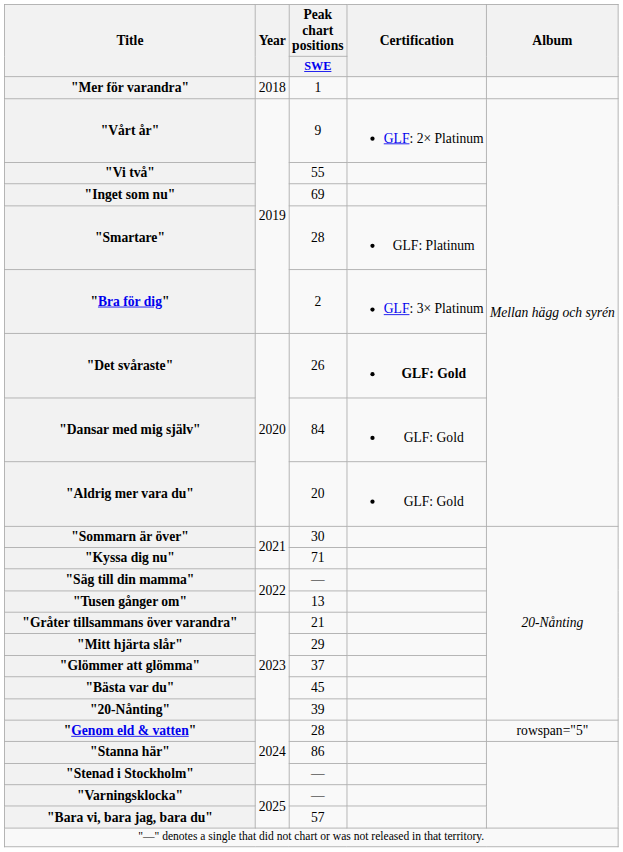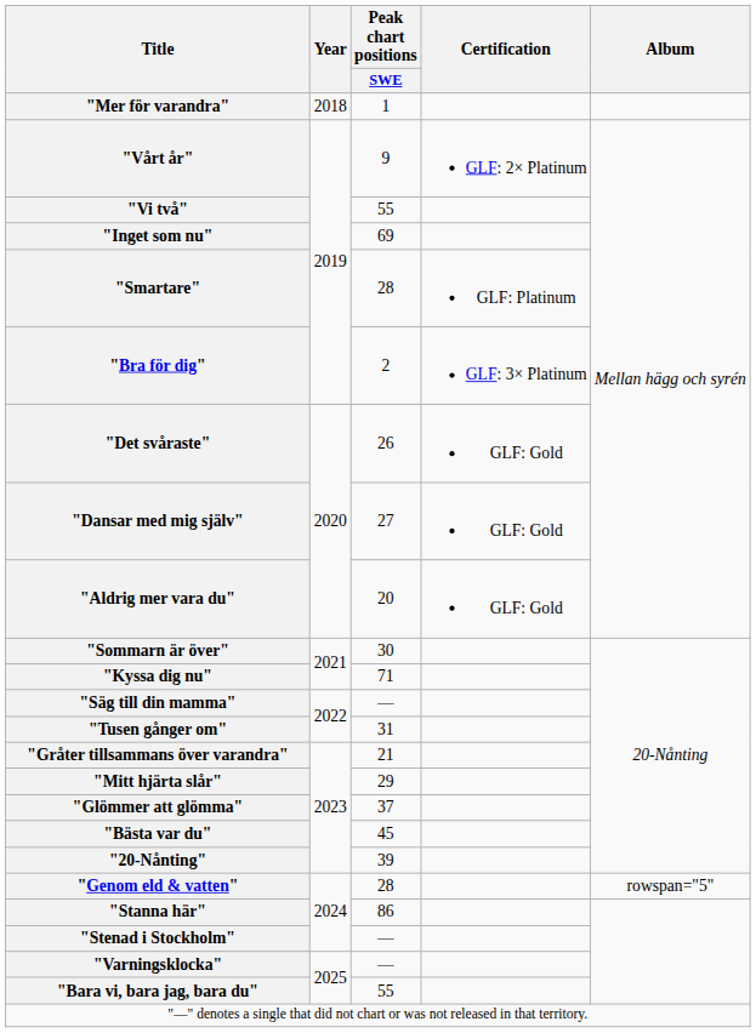 <table class="wikitable plainrowheaders" style="text-align:center;">
 <tr>
 <th scope="col" rowspan="2" style="width:18em;">Title</th>
 <th scope="col" rowspan="2">Year</th>
 <th scope="col" colspan="1">Peak chart positions</th>
 <th scope="col" rowspan="2">Certification</th>
 <th scope="col" rowspan="2">Album</th>
 </tr>
 <tr>
 <th scope="col" style="width:3em;font-size:90%;"><a href='#'>SWE</a><br></th>
 </tr>
 <tr>
 <th scope="row">"Mer för varandra"<br></th>
 <td>2018</td>
 <td>1<br></td>
 <td></td>
 <td></td>
 </tr>
 <tr>
 <th scope="row">"Vårt år"<br></th>
 <td rowspan="5">2019</td>
 <td>9<br></td>
 <td><br><ul><li><a href='#'>GLF</a>: 2× Platinum</li></ul></td>
 <td rowspan="8"><em>Mellan hägg och syrén</em></td>
 </tr>
 <tr>
 <th scope="row">"Vi två"</th>
 <td>55<br></td>
 <td></td>
 </tr>
 <tr>
 <th scope="row">"Inget som nu"</th>
 <td>69<br></td>
 <td></td>
 </tr>
 <tr>
 <th scope="row">"Smartare"<br></th>
 <td>28<br></td>
 <td><br><ul><li>GLF: Platinum</li></ul></td>
 </tr>
 <tr>
 <th scope="row">"<a href='#'>Bra för dig</a>"<br></th>
 <td>2<br></td>
 <td><br><ul><li><a href='#'>GLF</a>: 3× Platinum</li></ul></td>
 </tr>
 <tr>
 <th scope="row">"Det svåraste"</th>
 <td rowspan="3">2020</td>
 <td>26<br></td>
-<td><strong><br><ul><li>GLF: Gold</li></ul></strong></td>
+<td><br><ul><li>GLF: Gold</li></ul></td>
 </tr>
 <tr>
 <th scope="row">"Dansar med mig själv"</th>
-<td>84<br></td>
+<td>27<br></td>
 <td><br><ul><li>GLF: Gold</li></ul></td>
 </tr>
 <tr>
 <th scope="row">"Aldrig mer vara du"</th>
 <td>20<br></td>
 <td><br><ul><li>GLF: Gold</li></ul></td>
 </tr>
 <tr>
 <th scope="row">"Sommarn är över"<br></th>
 <td rowspan="2">2021</td>
 <td>30<br></td>
 <td></td>
 <td rowspan="9"><em>20-Nånting</em></td>
 </tr>
 <tr>
 <th scope="row">"Kyssa dig nu"</th>
 <td>71<br></td>
 <td></td>
 </tr>
 <tr>
 <th scope="row">"Säg till din mamma"</th>
 <td rowspan="2">2022</td>
 <td>—</td>
 <td></td>
 </tr>
 <tr>
 <th scope="row">"Tusen gånger om"<br></th>
-<td>13<br></td>
+<td>31<br></td>
 <td></td>
 </tr>
 <tr>
 <th scope="row">"Gråter tillsammans över varandra"</th>
 <td rowspan="5">2023</td>
 <td>21<br></td>
 <td></td>
 </tr>
 <tr>
 <th scope="row">"Mitt hjärta slår"</th>
 <td>29<br></td>
 <td></td>
 </tr>
 <tr>
 <th scope="row">"Glömmer att glömma"</th>
 <td>37<br></td>
 <td></td>
 </tr>
 <tr>
 <th scope="row">"Bästa var du"</th>
 <td>45<br></td>
 <td></td>
 </tr>
 <tr>
 <th scope="row">"20-Nånting"</th>
 <td>39<br></td>
 <td></td>
 </tr>
 <tr>
 <th scope="row">"<a href='#'>Genom eld & vatten</a>"</th>
 <td rowspan="3">2024</td>
 <td>28<br></td>
 <td></td>
 <td>rowspan="5" </td>
 </tr>
 <tr>
 <th scope="row">"Stanna här"</th>
 <td>86<br></td>
 <td></td>
 </tr>
 <tr>
 <th scope="row">"Stenad i Stockholm"<br></th>
 <td>—</td>
 <td></td>
 </tr>
 <tr>
 <th scope="row">"Varningsklocka"</th>
 <td rowspan="2">2025</td>
 <td>—</td>
 <td></td>
 </tr>
 <tr>
 <th scope="row">"Bara vi, bara jag, bara du"<br></th>
-<td>57<br></td>
+<td>55<br></td>
 <td></td>
 </tr>
 <tr>
 <td colspan="5" style="font-size:85%">"—" denotes a single that did not chart or was not released in that territory.</td>
 </tr>
 </table>
